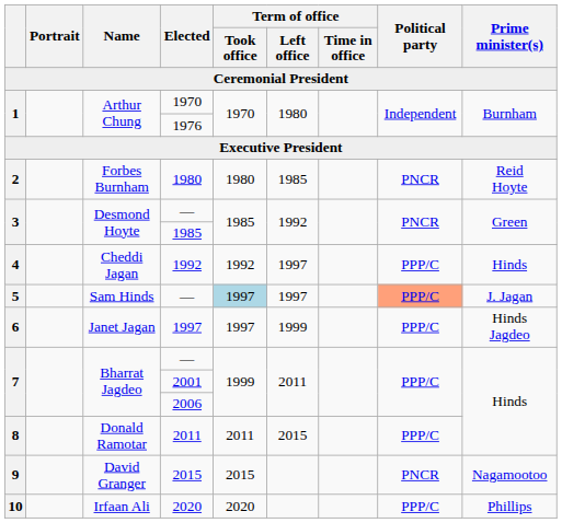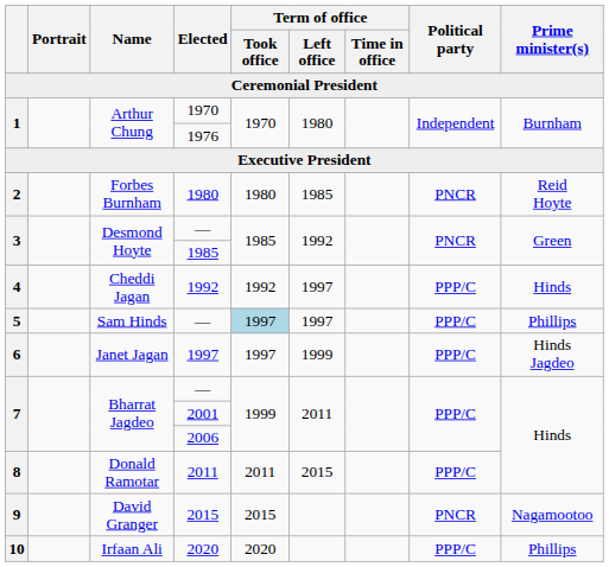 <table class="wikitable" style="text-align:center">
 <tr>
 <th rowspan="2"></th>
 <th rowspan="2">Portrait</th>
 <th rowspan="2">Name<br></th>
 <th rowspan="2">Elected</th>
 <th colspan="3">Term of office</th>
 <th rowspan="2">Political party<br></th>
 <th rowspan="2"><a href='#'>Prime minister(s)</a></th>
 </tr>
 <tr>
 <th>Took office</th>
 <th>Left office</th>
 <th>Time in office</th>
 </tr>
 <tr bgcolor="#EEEEEE">
 <td colspan="9"><strong>Ceremonial President</strong></td>
 </tr>
 <tr>
 <th rowspan="2" style="background:">1</th>
 <td rowspan="2"></td>
 <td rowspan="2"><a href='#'>Arthur Chung</a><br></td>
 <td>1970</td>
 <td rowspan="2"> 1970</td>
 <td rowspan="2"> 1980</td>
 <td rowspan="2"></td>
 <td rowspan="2"><a href='#'>Independent</a></td>
 <td rowspan="2"><a href='#'>Burnham</a></td>
 </tr>
 <tr>
 <td>1976</td>
 </tr>
 <tr bgcolor="#EEEEEE">
 <td colspan="9"><strong>Executive President</strong></td>
 </tr>
 <tr>
 <th style="background:">2</th>
 <td></td>
 <td><a href='#'>Forbes Burnham</a><br></td>
 <td><a href='#'>1980</a></td>
 <td> 1980</td>
 <td> 1985</td>
 <td></td>
 <td><a href='#'>PNCR</a></td>
 <td><a href='#'>Reid</a><br><a href='#'>Hoyte</a></td>
 </tr>
 <tr>
 <th rowspan="2" style="background:">3</th>
 <td rowspan="2"></td>
 <td rowspan="2"><a href='#'>Desmond Hoyte</a><br></td>
 <td>—</td>
 <td rowspan="2"> 1985</td>
 <td rowspan="2"> 1992</td>
 <td rowspan="2"></td>
 <td rowspan="2"><a href='#'>PNCR</a></td>
 <td rowspan="2"><a href='#'>Green</a></td>
 </tr>
 <tr>
 <td><a href='#'>1985</a></td>
 </tr>
 <tr>
 <th style="background:">4</th>
 <td></td>
 <td><a href='#'>Cheddi Jagan</a><br></td>
 <td><a href='#'>1992</a></td>
 <td> 1992</td>
 <td> 1997</td>
 <td></td>
 <td><a href='#'>PPP/C</a></td>
 <td><a href='#'>Hinds</a></td>
 </tr>
 <tr>
 <th style="background:">5</th>
 <td></td>
 <td><a href='#'>Sam Hinds</a><br></td>
 <td>—</td>
 <td style="background: lightblue;"> 1997</td>
 <td> 1997</td>
 <td></td>
-<td style="background: lightsalmon;"><a href='#'>PPP/C</a></td>
-<td><a href='#'>J. Jagan</a></td>
+<td><a href='#'>PPP/C</a></td>
+<td><a href='#'>Phillips</a></td>
 </tr>
 <tr>
 <th style="background:">6</th>
 <td></td>
 <td><a href='#'>Janet Jagan</a><br></td>
 <td><a href='#'>1997</a></td>
 <td> 1997</td>
 <td> 1999<br></td>
 <td></td>
 <td><a href='#'>PPP/C</a></td>
 <td>Hinds<br><a href='#'>Jagdeo</a></td>
 </tr>
 <tr>
 <th rowspan="3" style="background:">7</th>
 <td rowspan="3"></td>
 <td rowspan="3"><a href='#'>Bharrat Jagdeo</a><br></td>
 <td>—</td>
 <td rowspan="3"> 1999</td>
 <td rowspan="3"> 2011</td>
 <td rowspan="3"></td>
 <td rowspan="3"><a href='#'>PPP/C</a></td>
 <td rowspan="4">Hinds</td>
 </tr>
 <tr>
 <td><a href='#'>2001</a></td>
 </tr>
 <tr>
 <td><a href='#'>2006</a></td>
 </tr>
 <tr>
 <th style="background:">8</th>
 <td></td>
 <td><a href='#'>Donald Ramotar</a><br></td>
 <td><a href='#'>2011</a></td>
 <td> 2011</td>
 <td> 2015</td>
 <td></td>
 <td><a href='#'>PPP/C</a></td>
 </tr>
 <tr>
 <th style="background:">9</th>
 <td></td>
 <td><a href='#'>David Granger</a><br></td>
 <td><a href='#'>2015</a></td>
 <td> 2015</td>
 <td></td>
 <td></td>
 <td><a href='#'>PNCR</a><br></td>
 <td><a href='#'>Nagamootoo</a></td>
 </tr>
 <tr>
 <th style="background:">10</th>
 <td></td>
 <td><a href='#'>Irfaan Ali</a><br></td>
 <td><a href='#'>2020</a></td>
 <td> 2020</td>
 <td></td>
 <td></td>
 <td><a href='#'>PPP/C</a></td>
 <td><a href='#'>Phillips</a></td>
 </tr>
 </table>
